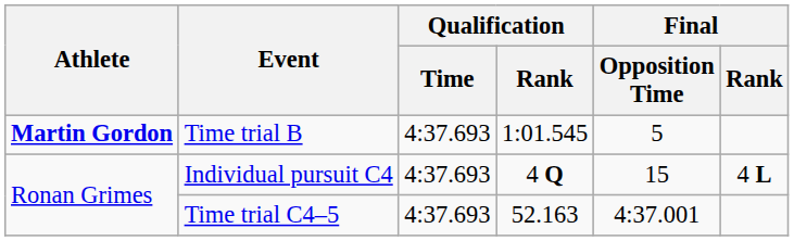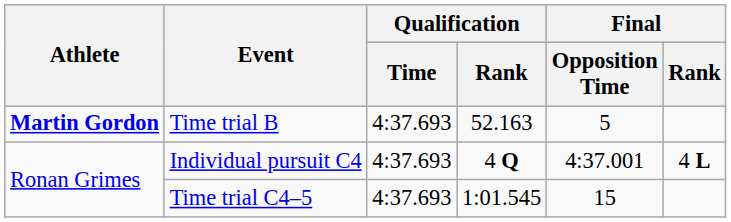 <table class=wikitable style="font-size:90%">
 <tr>
 <th rowspan="2">Athlete</th>
 <th rowspan="2">Event</th>
 <th colspan="2">Qualification</th>
 <th colspan="2">Final</th>
 </tr>
 <tr>
 <th>Time</th>
 <th>Rank</th>
 <th>Opposition<br>Time</th>
 <th>Rank</th>
 </tr>
 <tr align=center>
 <td align=left><strong><a href='#'>Martin Gordon</a></strong></td>
 <td align=left><a href='#'>Time trial B</a></td>
 <td>4:37.693</td>
-<td>1:01.545</td>
+<td>52.163</td>
 <td>5</td>
 </tr>
 <tr align=center>
 <td align=left rowspan="2"><a href='#'>Ronan Grimes</a></td>
 <td align=left><a href='#'>Individual pursuit C4</a></td>
 <td>4:37.693</td>
 <td>4 <strong>Q</strong></td>
-<td>15</td>
+<td>4:37.001</td>
 <td>4 <strong>L</strong></td>
 </tr>
 <tr align=center>
 <td align=left><a href='#'>Time trial C4–5</a></td>
 <td>4:37.693</td>
-<td>52.163</td>
-<td>4:37.001</td>
+<td>1:01.545</td>
+<td>15</td>
 </tr>
 </table>
